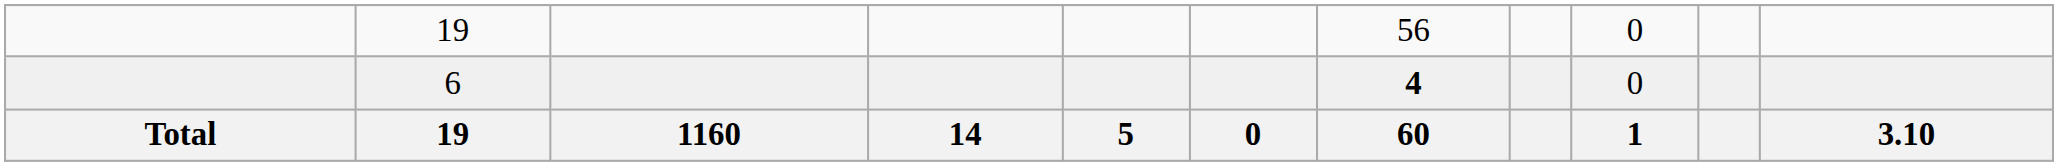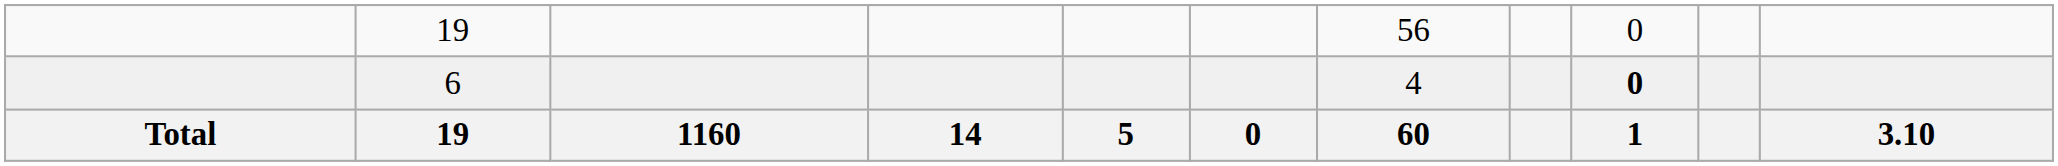 <table class="wikitable sortable" width ="1000">
 <tr align="center">
 </tr>
 <tr align="center" bgcolor="">
 <td></td>
 <td>19</td>
 <td></td>
 <td></td>
 <td></td>
 <td></td>
 <td>56</td>
 <td></td>
 <td>0</td>
 <td></td>
 <td></td>
 </tr>
 <tr align="center" bgcolor="f0f0f0">
 <td></td>
 <td>6</td>
 <td></td>
 <td></td>
 <td></td>
 <td></td>
-<td><strong>4</strong></td>
+<td>4</td>
 <td></td>
-<td>0</td>
+<td><strong>0</strong></td>
 <td></td>
 <td></td>
 </tr>
 <tr>
 <th>Total</th>
 <th>19</th>
 <th>1160</th>
 <th>14</th>
 <th>5</th>
 <th>0</th>
 <th>60</th>
 <th></th>
 <th>1</th>
 <th></th>
 <th>3.10</th>
 </tr>
 </table>
